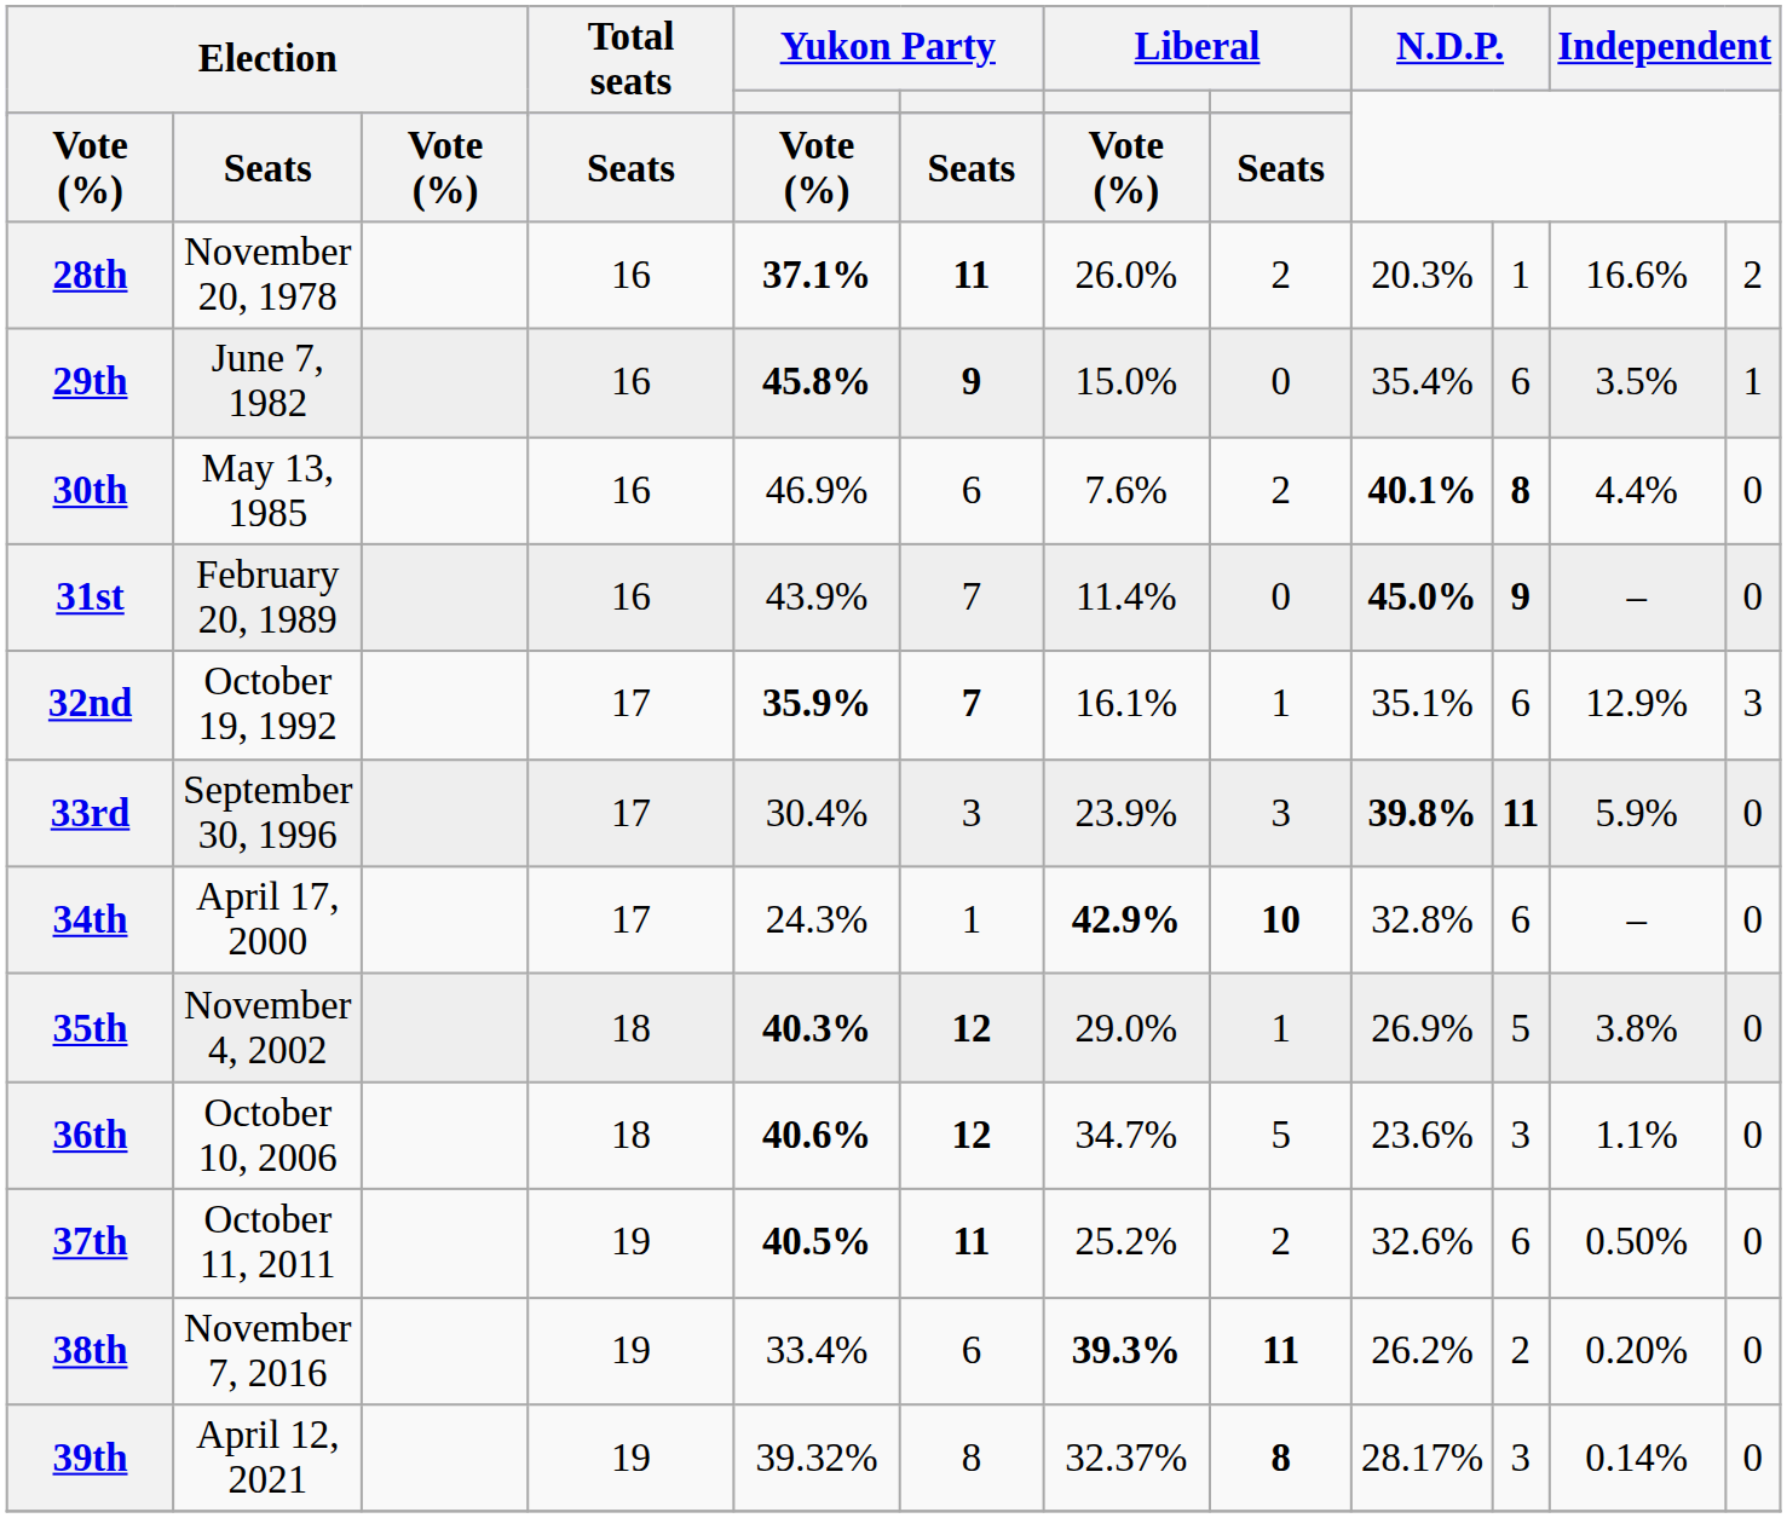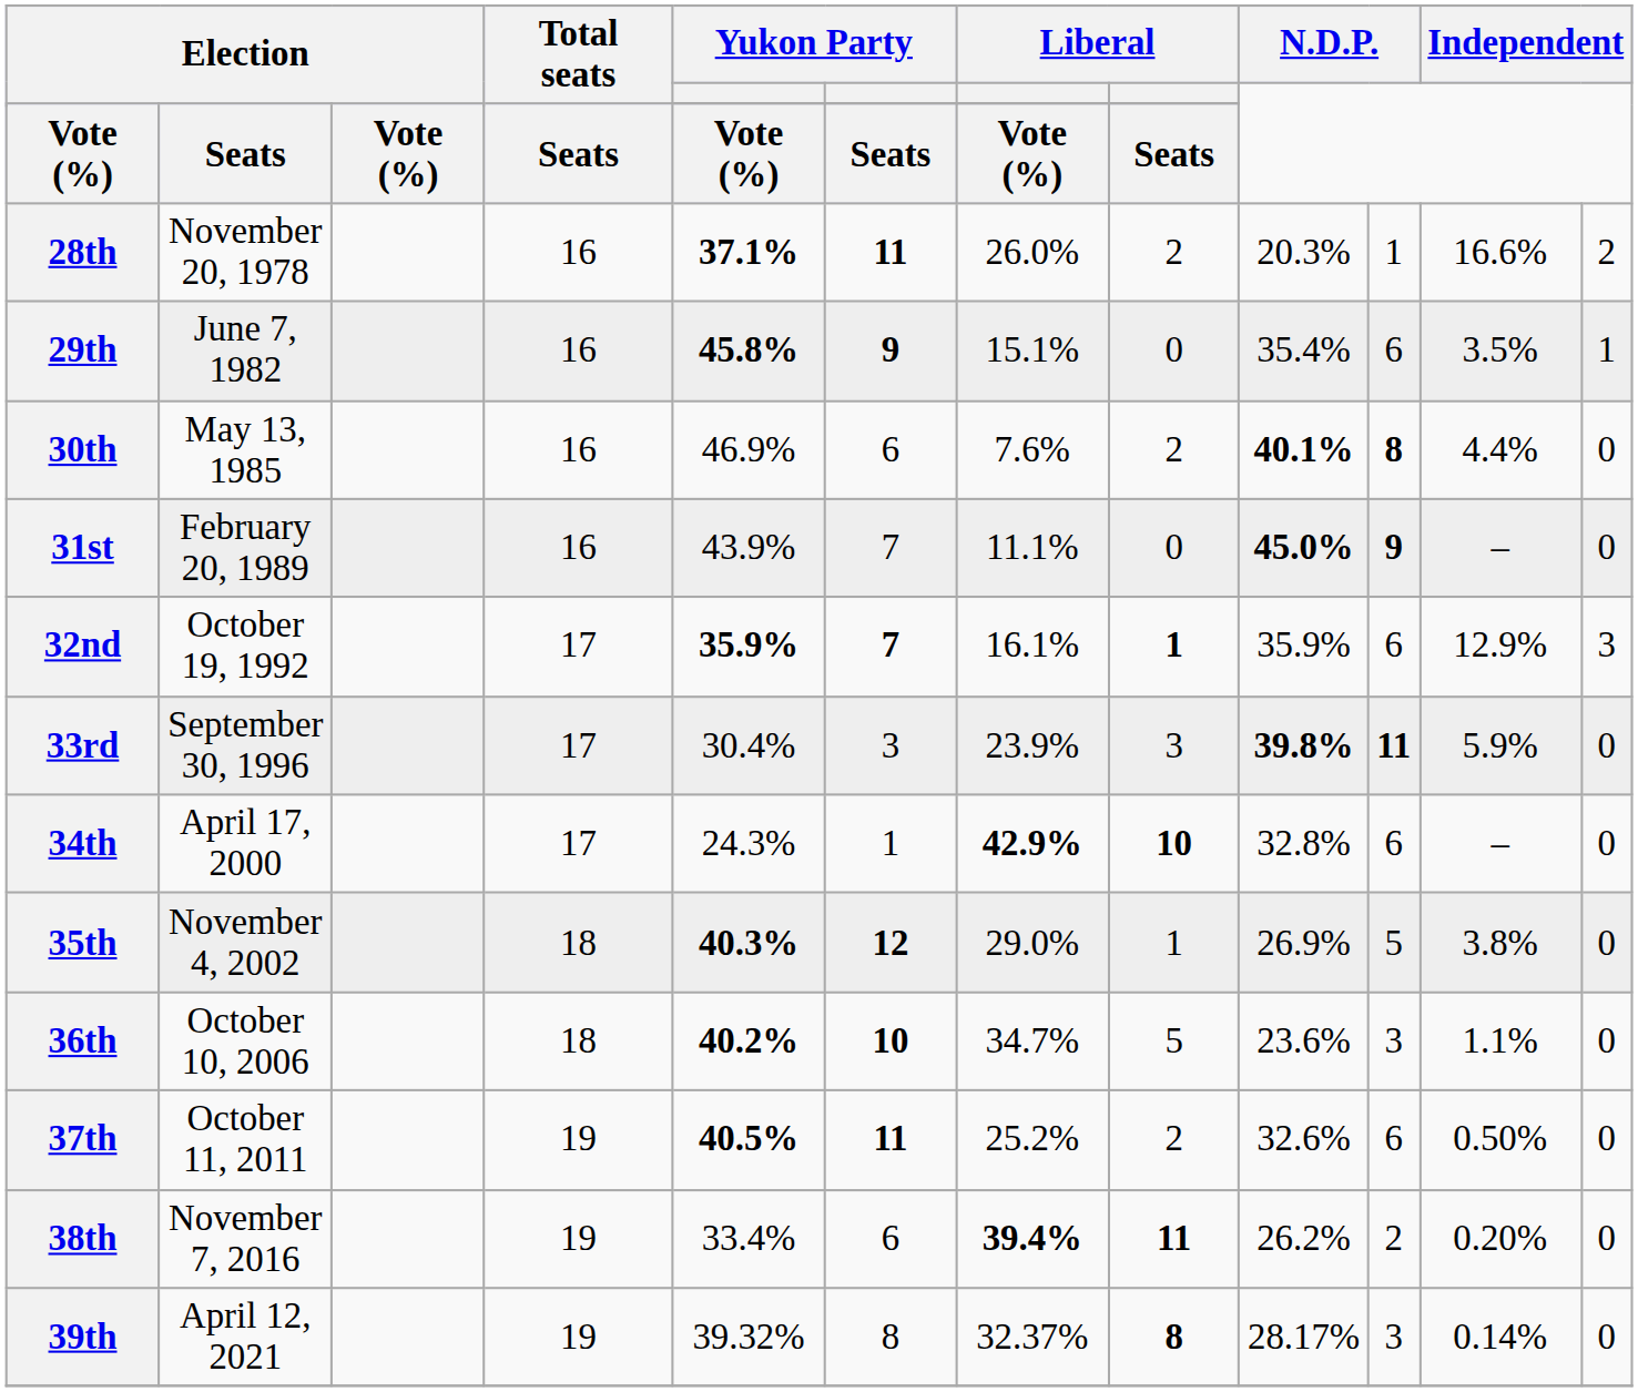 <table class="wikitable sortable" style="margin:0 auto; clear:both; text-align:center" border=0>
 <tr style="background:#ccccff">
 <th rowspan=3 colspan=3>Election</th>
 <th rowspan=3 width=75>Total<br>seats</th>
 <th colspan=2><a href='#'>Yukon Party</a></th>
 <th colspan=2><a href='#'>Liberal</a></th>
 <th colspan=2><a href='#'>N.D.P.</a></th>
 <th colspan=2><a href='#'>Independent</a></th>
 </tr>
 <tr>
 <th style="background:"></th>
 <th style="background:"></th>
 <th style="background:"></th>
 <th style="background:"></th>
 </tr>
 <tr>
 </tr>
 <tr style="background:#ccccff">
 <th width=60>Vote (%)</th>
 <th width=50>Seats</th>
 <th width=60>Vote (%)</th>
 <th width=50>Seats</th>
 <th width=60>Vote (%)</th>
 <th width=50>Seats</th>
 <th width=60>Vote (%)</th>
 <th width=50>Seats</th>
 </tr>
 <tr>
 <th><a href='#'>28th</a></th>
 <td>November 20, 1978</td>
 <td> </td>
 <td>16</td>
 <td><strong>37.1%</strong></td>
 <td><strong>11</strong></td>
 <td>26.0%</td>
 <td>2</td>
 <td>20.3%</td>
 <td>1</td>
 <td>16.6%</td>
 <td>2</td>
 </tr>
 <tr style="background:#eeeeee">
 <th><a href='#'>29th</a></th>
 <td>June 7, 1982</td>
 <td> </td>
 <td>16</td>
 <td><strong>45.8%</strong></td>
 <td><strong>9</strong></td>
-<td>15.0%</td>
+<td>15.1%</td>
 <td>0</td>
 <td>35.4%</td>
 <td>6</td>
 <td>3.5%</td>
 <td>1</td>
 </tr>
 <tr>
 <th><a href='#'>30th</a></th>
 <td>May 13, 1985</td>
 <td> </td>
 <td>16</td>
 <td>46.9%</td>
 <td>6</td>
 <td>7.6%</td>
 <td>2</td>
 <td><strong>40.1%</strong></td>
 <td><strong>8</strong></td>
 <td>4.4%</td>
 <td>0</td>
 </tr>
 <tr style="background:#eeeeee">
 <th><a href='#'>31st</a></th>
 <td>February 20, 1989</td>
 <td> </td>
 <td>16</td>
 <td>43.9%</td>
 <td>7</td>
-<td>11.4%</td>
+<td>11.1%</td>
 <td>0</td>
 <td><strong>45.0%</strong></td>
 <td><strong>9</strong></td>
 <td>–</td>
 <td>0</td>
 </tr>
 <tr>
 <th><a href='#'>32nd</a></th>
 <td>October 19, 1992</td>
 <td> </td>
 <td>17</td>
 <td><strong>35.9%</strong></td>
 <td><strong>7</strong></td>
 <td>16.1%</td>
-<td>1</td>
-<td>35.1%</td>
+<td><strong>1</strong></td>
+<td>35.9%</td>
 <td>6</td>
 <td>12.9%</td>
 <td>3</td>
 </tr>
 <tr style="background:#eeeeee">
 <th><a href='#'>33rd</a></th>
 <td>September 30, 1996</td>
 <td> </td>
 <td>17</td>
 <td>30.4%</td>
 <td>3</td>
 <td>23.9%</td>
 <td>3</td>
 <td><strong>39.8%</strong></td>
 <td><strong>11</strong></td>
 <td>5.9%</td>
 <td>0</td>
 </tr>
 <tr>
 <th><a href='#'>34th</a></th>
 <td>April 17, 2000</td>
 <td> </td>
 <td>17</td>
 <td>24.3%</td>
 <td>1</td>
 <td><strong>42.9%</strong></td>
 <td><strong>10</strong></td>
 <td>32.8%</td>
 <td>6</td>
 <td>–</td>
 <td>0</td>
 </tr>
 <tr style="background:#eeeeee">
 <th><a href='#'>35th</a></th>
 <td>November 4, 2002</td>
 <td> </td>
 <td>18</td>
 <td><strong>40.3%</strong></td>
 <td><strong>12</strong></td>
 <td>29.0%</td>
 <td>1</td>
 <td>26.9%</td>
 <td>5</td>
 <td>3.8%</td>
 <td>0</td>
 </tr>
 <tr>
 <th><a href='#'>36th</a></th>
 <td>October 10, 2006</td>
 <td> </td>
 <td>18</td>
-<td><strong>40.6%</strong></td>
-<td><strong>12</strong></td>
+<td><strong>40.2%</strong></td>
+<td><strong>10</strong></td>
 <td>34.7%</td>
 <td>5</td>
 <td>23.6%</td>
 <td>3</td>
 <td>1.1%</td>
 <td>0</td>
 </tr>
 <tr>
 <th><a href='#'>37th</a></th>
 <td>October 11, 2011</td>
 <td> </td>
 <td>19</td>
 <td><strong>40.5%</strong></td>
 <td><strong>11</strong></td>
 <td>25.2%</td>
 <td>2</td>
 <td>32.6%</td>
 <td>6</td>
 <td>0.50%</td>
 <td>0</td>
 </tr>
 <tr>
 <th><a href='#'>38th</a></th>
 <td>November 7, 2016</td>
 <td> </td>
 <td>19</td>
 <td>33.4%</td>
 <td>6</td>
-<td><strong>39.3%</strong></td>
+<td><strong>39.4%</strong></td>
 <td><strong>11</strong></td>
 <td>26.2%</td>
 <td>2</td>
 <td>0.20%</td>
 <td>0</td>
 </tr>
 <tr>
 <th><a href='#'>39th</a></th>
 <td>April 12, 2021</td>
 <td> </td>
 <td>19</td>
 <td>39.32%</td>
 <td>8</td>
 <td>32.37%</td>
 <td><strong>8</strong></td>
 <td>28.17%</td>
 <td>3</td>
 <td>0.14%</td>
 <td>0</td>
 </tr>
 <tr>
 </tr>
 </table>
